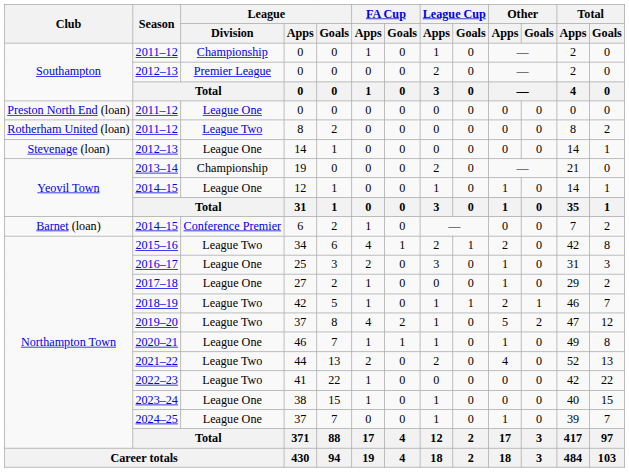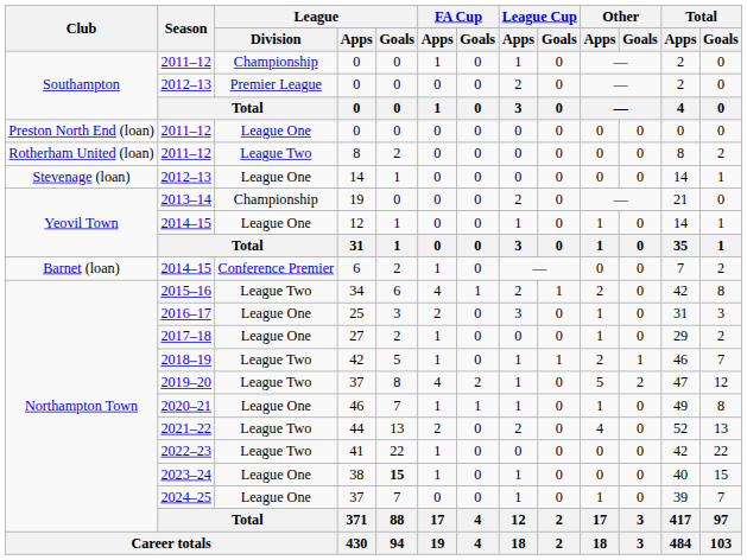 <table class="wikitable" style="text-align: center">
 <tr>
 <th rowspan="2">Club</th>
 <th rowspan="2">Season</th>
 <th colspan="3">League</th>
 <th colspan="2"><a href='#'>FA Cup</a></th>
 <th colspan="2"><a href='#'>League Cup</a></th>
 <th colspan="2">Other</th>
 <th colspan="2">Total</th>
 </tr>
 <tr>
 <th>Division</th>
 <th>Apps</th>
 <th>Goals</th>
 <th>Apps</th>
 <th>Goals</th>
 <th>Apps</th>
 <th>Goals</th>
 <th>Apps</th>
 <th>Goals</th>
 <th>Apps</th>
 <th>Goals</th>
 </tr>
 <tr>
 <td rowspan="3"><a href='#'>Southampton</a></td>
 <td><a href='#'>2011–12</a></td>
 <td><a href='#'>Championship</a></td>
 <td>0</td>
 <td>0</td>
 <td>1</td>
 <td>0</td>
 <td>1</td>
 <td>0</td>
 <td colspan="2">—</td>
 <td>2</td>
 <td>0</td>
 </tr>
 <tr>
 <td><a href='#'>2012–13</a></td>
 <td><a href='#'>Premier League</a></td>
 <td>0</td>
 <td>0</td>
 <td>0</td>
 <td>0</td>
 <td>2</td>
 <td>0</td>
 <td colspan="2">—</td>
 <td>2</td>
 <td>0</td>
 </tr>
 <tr>
 <th colspan="2">Total</th>
 <th>0</th>
 <th>0</th>
 <th>1</th>
 <th>0</th>
 <th>3</th>
 <th>0</th>
 <th colspan="2">—</th>
 <th>4</th>
 <th>0</th>
 </tr>
 <tr>
 <td><a href='#'>Preston North End</a> (loan)</td>
 <td><a href='#'>2011–12</a></td>
 <td><a href='#'>League One</a></td>
 <td>0</td>
 <td>0</td>
 <td>0</td>
 <td>0</td>
 <td>0</td>
 <td>0</td>
 <td>0</td>
 <td>0</td>
 <td>0</td>
 <td>0</td>
 </tr>
 <tr>
 <td><a href='#'>Rotherham United</a> (loan)</td>
 <td><a href='#'>2011–12</a></td>
 <td><a href='#'>League Two</a></td>
 <td>8</td>
 <td>2</td>
 <td>0</td>
 <td>0</td>
 <td>0</td>
 <td>0</td>
 <td>0</td>
 <td>0</td>
 <td>8</td>
 <td>2</td>
 </tr>
 <tr>
 <td><a href='#'>Stevenage</a> (loan)</td>
 <td><a href='#'>2012–13</a></td>
 <td>League One</td>
 <td>14</td>
 <td>1</td>
 <td>0</td>
 <td>0</td>
 <td>0</td>
 <td>0</td>
 <td>0</td>
 <td>0</td>
 <td>14</td>
 <td>1</td>
 </tr>
 <tr>
 <td rowspan="3"><a href='#'>Yeovil Town</a></td>
 <td><a href='#'>2013–14</a></td>
 <td>Championship</td>
 <td>19</td>
 <td>0</td>
 <td>0</td>
 <td>0</td>
 <td>2</td>
 <td>0</td>
 <td colspan="2">—</td>
 <td>21</td>
 <td>0</td>
 </tr>
 <tr>
 <td><a href='#'>2014–15</a></td>
 <td>League One</td>
 <td>12</td>
 <td>1</td>
 <td>0</td>
 <td>0</td>
 <td>1</td>
 <td>0</td>
 <td>1</td>
 <td>0</td>
 <td>14</td>
 <td>1</td>
 </tr>
 <tr>
 <th colspan="2">Total</th>
 <th>31</th>
 <th>1</th>
 <th>0</th>
 <th>0</th>
 <th>3</th>
 <th>0</th>
 <th>1</th>
 <th>0</th>
 <th>35</th>
 <th>1</th>
 </tr>
 <tr>
 <td><a href='#'>Barnet</a> (loan)</td>
 <td><a href='#'>2014–15</a></td>
 <td><a href='#'>Conference Premier</a></td>
 <td>6</td>
 <td>2</td>
 <td>1</td>
 <td>0</td>
 <td colspan="2">—</td>
 <td>0</td>
 <td>0</td>
 <td>7</td>
 <td>2</td>
 </tr>
 <tr>
 <td rowspan="11"><a href='#'>Northampton Town</a></td>
 <td><a href='#'>2015–16</a></td>
 <td>League Two</td>
 <td>34</td>
 <td>6</td>
 <td>4</td>
 <td>1</td>
 <td>2</td>
 <td>1</td>
 <td>2</td>
 <td>0</td>
 <td>42</td>
 <td>8</td>
 </tr>
 <tr>
 <td><a href='#'>2016–17</a></td>
 <td>League One</td>
 <td>25</td>
 <td>3</td>
 <td>2</td>
 <td>0</td>
 <td>3</td>
 <td>0</td>
 <td>1</td>
 <td>0</td>
 <td>31</td>
 <td>3</td>
 </tr>
 <tr>
 <td><a href='#'>2017–18</a></td>
 <td>League One</td>
 <td>27</td>
 <td>2</td>
 <td>1</td>
 <td>0</td>
 <td>0</td>
 <td>0</td>
 <td>1</td>
 <td>0</td>
 <td>29</td>
 <td>2</td>
 </tr>
 <tr>
 <td><a href='#'>2018–19</a></td>
 <td>League Two</td>
 <td>42</td>
 <td>5</td>
 <td>1</td>
 <td>0</td>
 <td>1</td>
 <td>1</td>
 <td>2</td>
 <td>1</td>
 <td>46</td>
 <td>7</td>
 </tr>
 <tr>
 <td><a href='#'>2019–20</a></td>
 <td>League Two</td>
 <td>37</td>
 <td>8</td>
 <td>4</td>
 <td>2</td>
 <td>1</td>
 <td>0</td>
 <td>5</td>
 <td>2</td>
 <td>47</td>
 <td>12</td>
 </tr>
 <tr>
 <td><a href='#'>2020–21</a></td>
 <td>League One</td>
 <td>46</td>
 <td>7</td>
 <td>1</td>
 <td>1</td>
 <td>1</td>
 <td>0</td>
 <td>1</td>
 <td>0</td>
 <td>49</td>
 <td>8</td>
 </tr>
 <tr>
 <td><a href='#'>2021–22</a></td>
 <td>League Two</td>
 <td>44</td>
 <td>13</td>
 <td>2</td>
 <td>0</td>
 <td>2</td>
 <td>0</td>
 <td>4</td>
 <td>0</td>
 <td>52</td>
 <td>13</td>
 </tr>
 <tr>
 <td><a href='#'>2022–23</a></td>
 <td>League Two</td>
 <td>41</td>
 <td>22</td>
 <td>1</td>
 <td>0</td>
 <td>0</td>
 <td>0</td>
 <td>0</td>
 <td>0</td>
 <td>42</td>
 <td>22</td>
 </tr>
 <tr>
 <td><a href='#'>2023–24</a></td>
 <td>League One</td>
 <td>38</td>
-<td>15</td>
+<td><strong>15</strong></td>
 <td>1</td>
 <td>0</td>
 <td>1</td>
 <td>0</td>
 <td>0</td>
 <td>0</td>
 <td>40</td>
 <td>15</td>
 </tr>
 <tr>
 <td><a href='#'>2024–25</a></td>
 <td>League One</td>
 <td>37</td>
 <td>7</td>
 <td>0</td>
 <td>0</td>
 <td>1</td>
 <td>0</td>
 <td>1</td>
 <td>0</td>
 <td>39</td>
 <td>7</td>
 </tr>
 <tr>
 <th colspan="2">Total</th>
 <th>371</th>
 <th>88</th>
 <th>17</th>
 <th>4</th>
 <th>12</th>
 <th>2</th>
 <th>17</th>
 <th>3</th>
 <th>417</th>
 <th>97</th>
 </tr>
 <tr>
 <th colspan=3>Career totals</th>
 <th>430</th>
 <th>94</th>
 <th>19</th>
 <th>4</th>
 <th>18</th>
 <th>2</th>
 <th>18</th>
 <th>3</th>
 <th>484</th>
 <th>103</th>
 </tr>
 </table>
